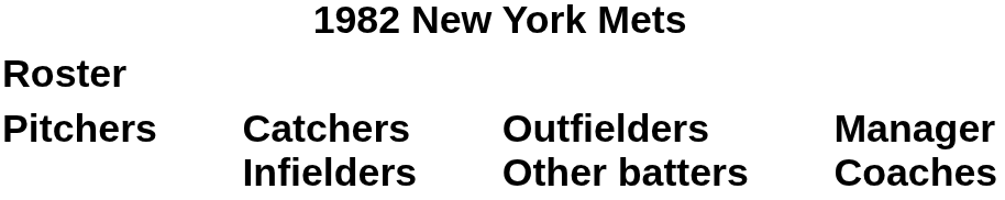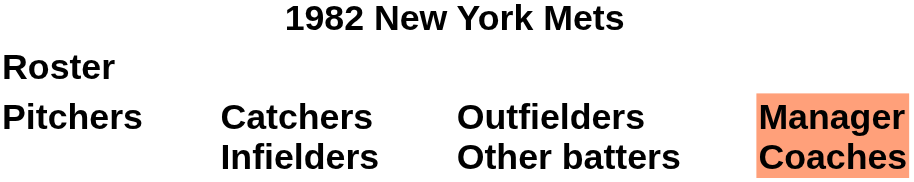 <table class="toccolours" style="font-size: 95%;">
 <tr>
 <th colspan="10">1982 New York Mets</th>
 </tr>
 <tr>
 <td colspan="10"><strong>Roster</strong></td>
 </tr>
 <tr>
 <td valign="top"><strong>Pitchers</strong><br>                 </td>
 <td width="25px"></td>
 <td valign="top"><strong>Catchers</strong><br>    <strong>Infielders</strong>         </td>
 <td width="25px"></td>
 <td valign="top"><strong>Outfielders</strong><br>        <strong>Other batters</strong> </td>
 <td width="25px"></td>
-<td valign="top"><strong>Manager</strong><br> <strong>Coaches</strong>    </td>
+<td valign="top" style="background: lightsalmon;"><strong>Manager</strong><br> <strong>Coaches</strong>    </td>
 </tr>
 </table>
